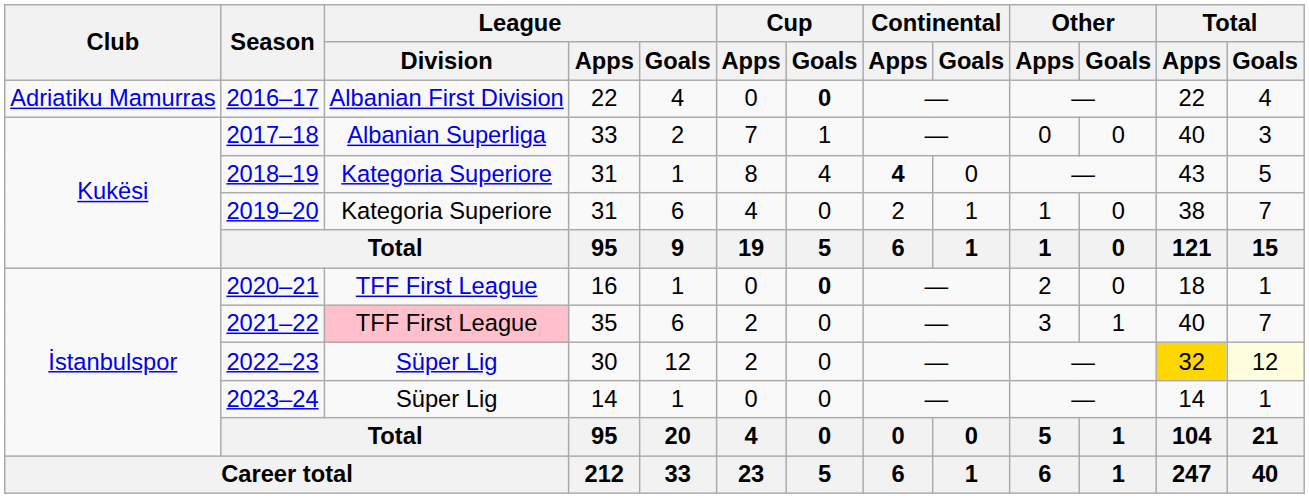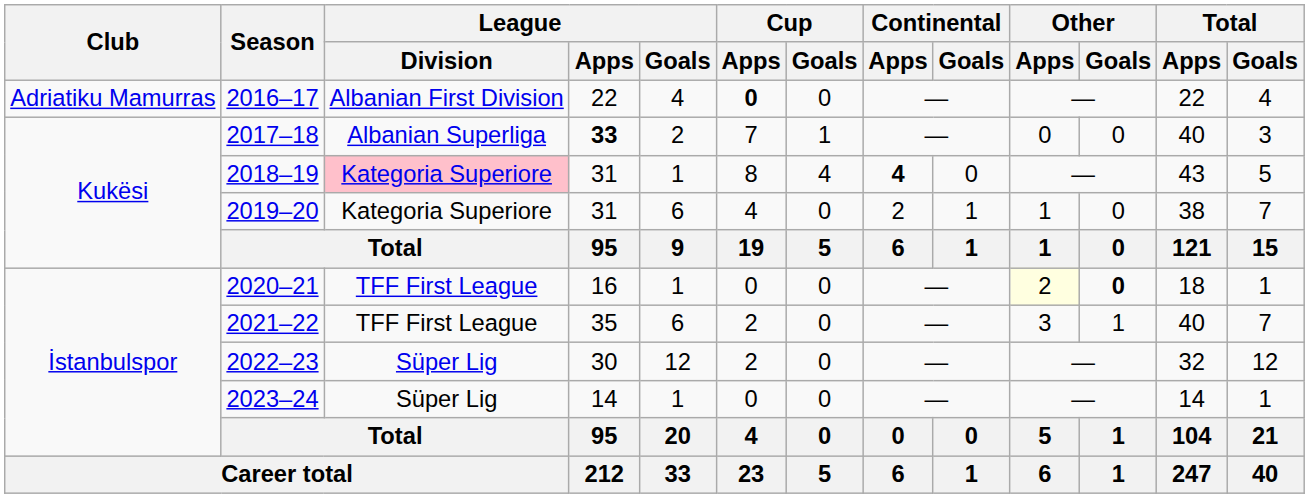 <table class="wikitable" style="text-align:center">
 <tr>
 <th rowspan="2">Club</th>
 <th rowspan="2">Season</th>
 <th colspan="3">League</th>
 <th colspan="2">Cup</th>
 <th colspan="2">Continental</th>
 <th colspan="2">Other</th>
 <th colspan="2">Total</th>
 </tr>
 <tr>
 <th>Division</th>
 <th>Apps</th>
 <th>Goals</th>
 <th>Apps</th>
 <th>Goals</th>
 <th>Apps</th>
 <th>Goals</th>
 <th>Apps</th>
 <th>Goals</th>
 <th>Apps</th>
 <th>Goals</th>
 </tr>
 <tr>
 <td rowspan="1"><a href='#'>Adriatiku Mamurras</a></td>
 <td><a href='#'>2016–17</a></td>
 <td><a href='#'>Albanian First Division</a></td>
 <td>22</td>
 <td>4</td>
+<td><strong>0</strong></td>
 <td>0</td>
-<td><strong>0</strong></td>
 <td colspan="2">—</td>
 <td colspan="2">—</td>
 <td>22</td>
 <td>4</td>
 </tr>
 <tr>
 <td rowspan="4"><a href='#'>Kukësi</a></td>
 <td><a href='#'>2017–18</a></td>
 <td><a href='#'>Albanian Superliga</a></td>
-<td>33</td>
+<td><strong>33</strong></td>
 <td>2</td>
 <td>7</td>
 <td>1</td>
 <td colspan="2">—</td>
 <td>0</td>
 <td>0</td>
 <td>40</td>
 <td>3</td>
 </tr>
 <tr>
 <td><a href='#'>2018–19</a></td>
-<td><a href='#'>Kategoria Superiore</a></td>
+<td style="background: pink;"><a href='#'>Kategoria Superiore</a></td>
 <td>31</td>
 <td>1</td>
 <td>8</td>
 <td>4</td>
 <td><strong>4</strong></td>
 <td>0</td>
 <td colspan="2">—</td>
 <td>43</td>
 <td>5</td>
 </tr>
 <tr>
 <td><a href='#'>2019–20</a></td>
 <td>Kategoria Superiore</td>
 <td>31</td>
 <td>6</td>
 <td>4</td>
 <td>0</td>
 <td>2</td>
 <td>1</td>
 <td>1</td>
 <td>0</td>
 <td>38</td>
 <td>7</td>
 </tr>
 <tr>
 <th colspan="2">Total</th>
 <th>95</th>
 <th>9</th>
 <th>19</th>
 <th>5</th>
 <th>6</th>
 <th>1</th>
 <th>1</th>
 <th>0</th>
 <th>121</th>
 <th>15</th>
 </tr>
 <tr>
 <td rowspan="5"><a href='#'>İstanbulspor</a></td>
 <td><a href='#'>2020–21</a></td>
 <td><a href='#'>TFF First League</a></td>
 <td>16</td>
 <td>1</td>
 <td>0</td>
+<td>0</td>
+<td colspan="2">—</td>
+<td style="background: lightyellow;">2</td>
 <td><strong>0</strong></td>
-<td colspan="2">—</td>
-<td>2</td>
-<td>0</td>
 <td>18</td>
 <td>1</td>
 </tr>
 <tr>
 <td><a href='#'>2021–22</a></td>
-<td style="background: pink;">TFF First League</td>
+<td>TFF First League</td>
 <td>35</td>
 <td>6</td>
 <td>2</td>
 <td>0</td>
 <td colspan="2">—</td>
 <td>3</td>
 <td>1</td>
 <td>40</td>
 <td>7</td>
 </tr>
 <tr>
 <td><a href='#'>2022–23</a></td>
 <td><a href='#'>Süper Lig</a></td>
 <td>30</td>
 <td>12</td>
 <td>2</td>
 <td>0</td>
 <td colspan="2">—</td>
 <td colspan="2">—</td>
-<td style="background: gold;">32</td>
-<td style="background: lightyellow;">12</td>
+<td>32</td>
+<td>12</td>
 </tr>
 <tr>
 <td><a href='#'>2023–24</a></td>
 <td>Süper Lig</td>
 <td>14</td>
 <td>1</td>
 <td>0</td>
 <td>0</td>
 <td colspan="2">—</td>
 <td colspan="2">—</td>
 <td>14</td>
 <td>1</td>
 </tr>
 <tr>
 <th colspan="2">Total</th>
 <th>95</th>
 <th>20</th>
 <th>4</th>
 <th>0</th>
 <th>0</th>
 <th>0</th>
 <th>5</th>
 <th>1</th>
 <th>104</th>
 <th>21</th>
 </tr>
 <tr>
 <th colspan="3">Career total</th>
 <th>212</th>
 <th>33</th>
 <th>23</th>
 <th>5</th>
 <th>6</th>
 <th>1</th>
 <th>6</th>
 <th>1</th>
 <th>247</th>
 <th>40</th>
 </tr>
 </table>
